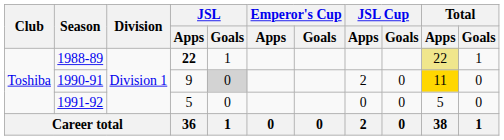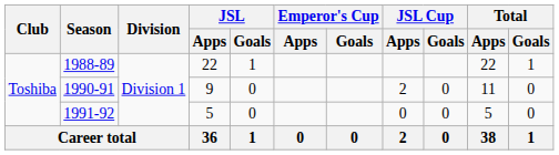 <table class="wikitable" style="text-align:center">
 <tr>
 <th rowspan=2>Club</th>
 <th rowspan=2>Season</th>
 <th rowspan=2>Division</th>
 <th colspan=2><a href='#'>JSL</a></th>
 <th colspan=2><a href='#'>Emperor's Cup</a></th>
 <th colspan=2><a href='#'>JSL Cup</a></th>
 <th colspan=2>Total</th>
 </tr>
 <tr>
 <th>Apps</th>
 <th>Goals</th>
 <th>Apps</th>
 <th>Goals</th>
 <th>Apps</th>
 <th>Goals</th>
 <th>Apps</th>
 <th>Goals</th>
 </tr>
 <tr>
 <td rowspan="3"><a href='#'>Toshiba</a></td>
 <td><a href='#'>1988-89</a></td>
 <td rowspan="3"><a href='#'>Division 1</a></td>
-<td><strong>22</strong></td>
+<td>22</td>
 <td>1</td>
 <td></td>
 <td></td>
 <td></td>
 <td></td>
-<td style="background: khaki;">22</td>
+<td>22</td>
 <td>1</td>
 </tr>
 <tr>
 <td><a href='#'>1990-91</a></td>
 <td>9</td>
-<td style="background: lightgrey;">0</td>
+<td>0</td>
 <td></td>
 <td></td>
 <td>2</td>
 <td>0</td>
-<td style="background: gold;">11</td>
+<td>11</td>
 <td>0</td>
 </tr>
 <tr>
 <td><a href='#'>1991-92</a></td>
 <td>5</td>
 <td>0</td>
 <td></td>
 <td></td>
 <td>0</td>
 <td>0</td>
 <td>5</td>
 <td>0</td>
 </tr>
 <tr>
 <th colspan=3>Career total</th>
 <th>36</th>
 <th>1</th>
 <th>0</th>
 <th>0</th>
 <th>2</th>
 <th>0</th>
 <th>38</th>
 <th>1</th>
 </tr>
 </table>
